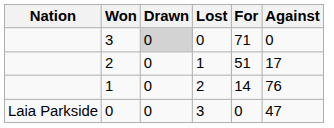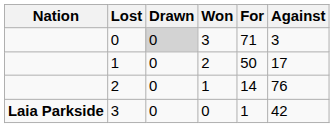 <table class="wikitable">
 <tr>
 <th>Nation</th>
+<th>Lost</th>
+<th>Drawn</th>
 <th>Won</th>
-<th>Drawn</th>
-<th>Lost</th>
 <th>For</th>
 <th>Against</th>
 </tr>
 <tr>
 <td></td>
+<td>0</td>
+<td style="background: lightgrey;">0</td>
 <td>3</td>
-<td style="background: lightgrey;">0</td>
+<td>71</td>
+<td>3</td>
+</tr>
+<tr>
+<td></td>
+<td>1</td>
 <td>0</td>
-<td>71</td>
-<td>0</td>
+<td>2</td>
+<td>50</td>
+<td>17</td>
 </tr>
 <tr>
 <td></td>
 <td>2</td>
 <td>0</td>
 <td>1</td>
-<td>51</td>
-<td>17</td>
-</tr>
-<tr>
-<td></td>
-<td>1</td>
-<td>0</td>
-<td>2</td>
 <td>14</td>
 <td>76</td>
 </tr>
 <tr>
-<td>Laia Parkside</td>
+<td><strong>Laia Parkside</strong></td>
+<td>3</td>
 <td>0</td>
 <td>0</td>
-<td>3</td>
-<td>0</td>
-<td>47</td>
+<td>1</td>
+<td>42</td>
 </tr>
 </table>
